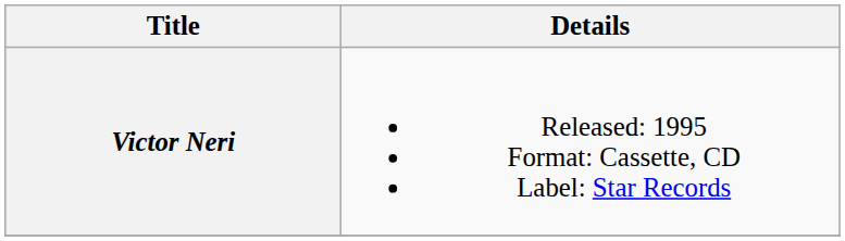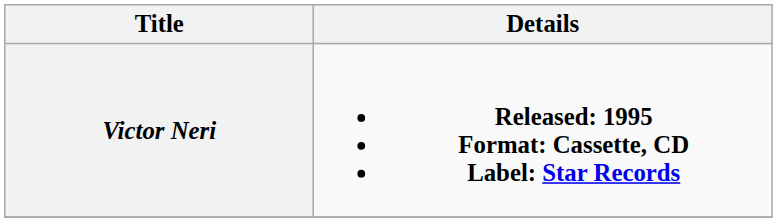 <table class="wikitable plainrowheaders" style="text-align:center;">
 <tr>
 <th scope="col" style="width:12em;">Title</th>
 <th scope="col" style="width:18em;">Details</th>
 </tr>
 <tr>
 <th scope="row"><em>Victor Neri</em></th>
-<td><br><ul><li>Released: 1995</li><li>Format: Cassette, CD</li><li>Label: <a href='#'>Star Records</a></li></ul></td>
+<td><strong><br><ul><li>Released: 1995</li><li>Format: Cassette, CD</li><li>Label: <a href='#'>Star Records</a></li></ul></strong></td>
 </tr>
 <tr>
 </tr>
 </table>
